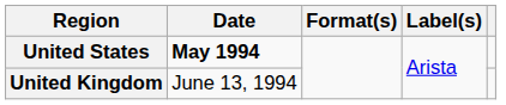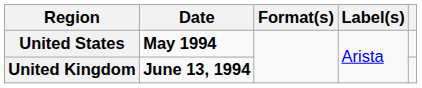 <table class="wikitable plainrowheaders">
 <tr>
 <th scope="col">Region</th>
 <th scope="col">Date</th>
 <th scope="col">Format(s)</th>
 <th scope="col">Label(s)</th>
 <th scope="col"></th>
 </tr>
 <tr>
 <th scope="row">United States</th>
 <td><strong>May 1994</strong></td>
 <td rowspan="2"></td>
 <td rowspan="2"><a href='#'>Arista</a></td>
 <td></td>
 </tr>
 <tr>
 <th scope="row">United Kingdom</th>
-<td>June 13, 1994</td>
+<td><strong>June 13, 1994</strong></td>
 <td></td>
 </tr>
 </table>
